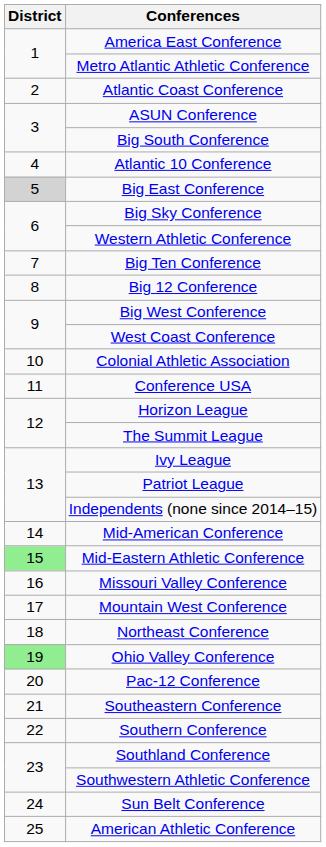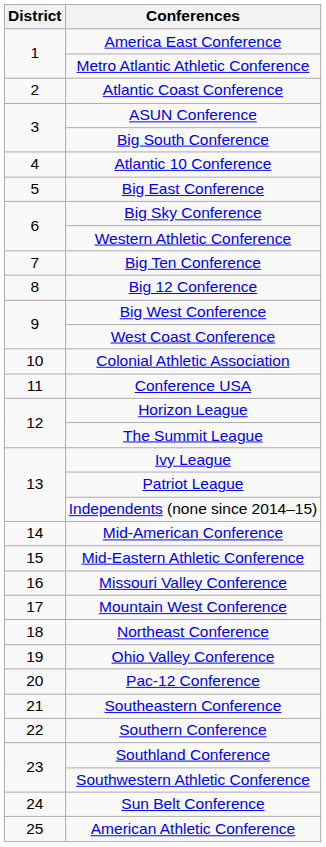 <table class="wikitable sortable" style="text-align:center;">
 <tr>
 <th scope="col">District</th>
 <th scope="col">Conferences</th>
 </tr>
 <tr>
 <td rowspan=2>1</td>
 <td><a href='#'>America East Conference</a></td>
 </tr>
 <tr>
 <td><a href='#'>Metro Atlantic Athletic Conference</a></td>
 </tr>
 <tr>
 <td>2</td>
 <td><a href='#'>Atlantic Coast Conference</a></td>
 </tr>
 <tr>
 <td rowspan=2>3</td>
 <td><a href='#'>ASUN Conference</a></td>
 </tr>
 <tr>
 <td><a href='#'>Big South Conference</a></td>
 </tr>
 <tr>
 <td>4</td>
 <td><a href='#'>Atlantic 10 Conference</a></td>
 </tr>
 <tr>
-<td style="background: lightgrey;">5</td>
+<td>5</td>
 <td><a href='#'>Big East Conference</a></td>
 </tr>
 <tr>
 <td rowspan=2>6</td>
 <td><a href='#'>Big Sky Conference</a></td>
 </tr>
 <tr>
 <td><a href='#'>Western Athletic Conference</a></td>
 </tr>
 <tr>
 <td>7</td>
 <td><a href='#'>Big Ten Conference</a></td>
 </tr>
 <tr>
 <td>8</td>
 <td><a href='#'>Big 12 Conference</a></td>
 </tr>
 <tr>
 <td rowspan=2>9</td>
 <td><a href='#'>Big West Conference</a></td>
 </tr>
 <tr>
 <td><a href='#'>West Coast Conference</a></td>
 </tr>
 <tr>
 <td>10</td>
 <td><a href='#'>Colonial Athletic Association</a></td>
 </tr>
 <tr>
 <td>11</td>
 <td><a href='#'>Conference USA</a></td>
 </tr>
 <tr>
 <td rowspan=2>12</td>
 <td><a href='#'>Horizon League</a></td>
 </tr>
 <tr>
 <td><a href='#'>The Summit League</a></td>
 </tr>
 <tr>
 <td rowspan=3>13</td>
 <td><a href='#'>Ivy League</a></td>
 </tr>
 <tr>
 <td><a href='#'>Patriot League</a></td>
 </tr>
 <tr>
 <td><a href='#'>Independents</a> (none since 2014–15)</td>
 </tr>
 <tr>
 <td>14</td>
 <td><a href='#'>Mid-American Conference</a></td>
 </tr>
 <tr>
-<td style="background: lightgreen;">15</td>
+<td>15</td>
 <td><a href='#'>Mid-Eastern Athletic Conference</a></td>
 </tr>
 <tr>
 <td>16</td>
 <td><a href='#'>Missouri Valley Conference</a></td>
 </tr>
 <tr>
 <td>17</td>
 <td><a href='#'>Mountain West Conference</a></td>
 </tr>
 <tr>
 <td>18</td>
 <td><a href='#'>Northeast Conference</a></td>
 </tr>
 <tr>
-<td style="background: lightgreen;">19</td>
+<td>19</td>
 <td><a href='#'>Ohio Valley Conference</a></td>
 </tr>
 <tr>
 <td>20</td>
 <td><a href='#'>Pac-12 Conference</a></td>
 </tr>
 <tr>
 <td>21</td>
 <td><a href='#'>Southeastern Conference</a></td>
 </tr>
 <tr>
 <td>22</td>
 <td><a href='#'>Southern Conference</a></td>
 </tr>
 <tr>
 <td rowspan=2>23</td>
 <td><a href='#'>Southland Conference</a></td>
 </tr>
 <tr>
 <td><a href='#'>Southwestern Athletic Conference</a></td>
 </tr>
 <tr>
 <td>24</td>
 <td><a href='#'>Sun Belt Conference</a></td>
 </tr>
 <tr>
 <td>25</td>
 <td><a href='#'>American Athletic Conference</a></td>
 </tr>
 </table>
